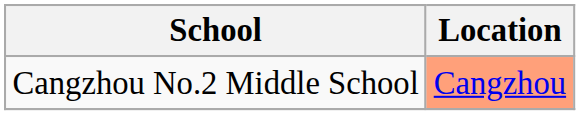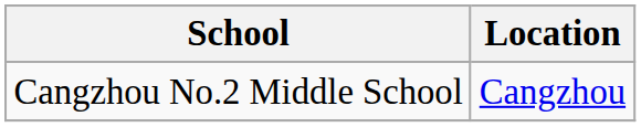 <table class="wikitable sortable">
 <tr>
 <th>School</th>
 <th>Location</th>
 </tr>
 <tr>
 <td>Cangzhou No.2 Middle School</td>
-<td style="background: lightsalmon;"> <a href='#'>Cangzhou</a></td>
+<td> <a href='#'>Cangzhou</a></td>
 </tr>
 <tr>
 </tr>
 </table>
